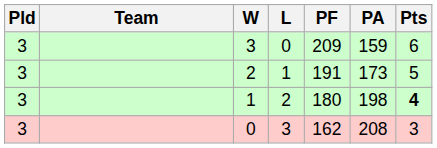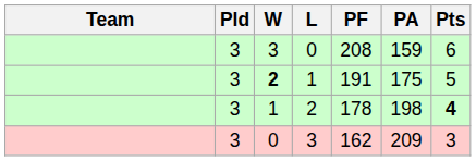 <table class="wikitable" style="text-align:center;">
 <tr>
+<th width=170>Team</th>
 <th width=25>Pld</th>
-<th width=170>Team</th>
 <th width=25>W</th>
 <th width=25>L</th>
 <th width=35>PF</th>
 <th width=35>PA</th>
 <th width=25>Pts</th>
 </tr>
 <tr bgcolor=#ccffcc>
-<td>3</td>
 <td align="left"></td>
 <td>3</td>
+<td>3</td>
 <td>0</td>
-<td>209</td>
+<td>208</td>
 <td>159</td>
 <td>6</td>
 </tr>
 <tr bgcolor=#ccffcc>
+<td align="left"></td>
 <td>3</td>
-<td align="left"></td>
-<td>2</td>
+<td><strong>2</strong></td>
 <td>1</td>
 <td>191</td>
-<td>173</td>
+<td>175</td>
 <td>5</td>
 </tr>
 <tr bgcolor=#ccffcc>
+<td align="left"></td>
 <td>3</td>
-<td align="left"></td>
 <td>1</td>
 <td>2</td>
-<td>180</td>
+<td>178</td>
 <td>198</td>
 <td><strong>4</strong></td>
 </tr>
 <tr bgcolor=#ffcccc>
+<td align="left"></td>
 <td>3</td>
-<td align="left"></td>
 <td>0</td>
 <td>3</td>
 <td>162</td>
-<td>208</td>
+<td>209</td>
 <td>3</td>
 </tr>
 </table>
